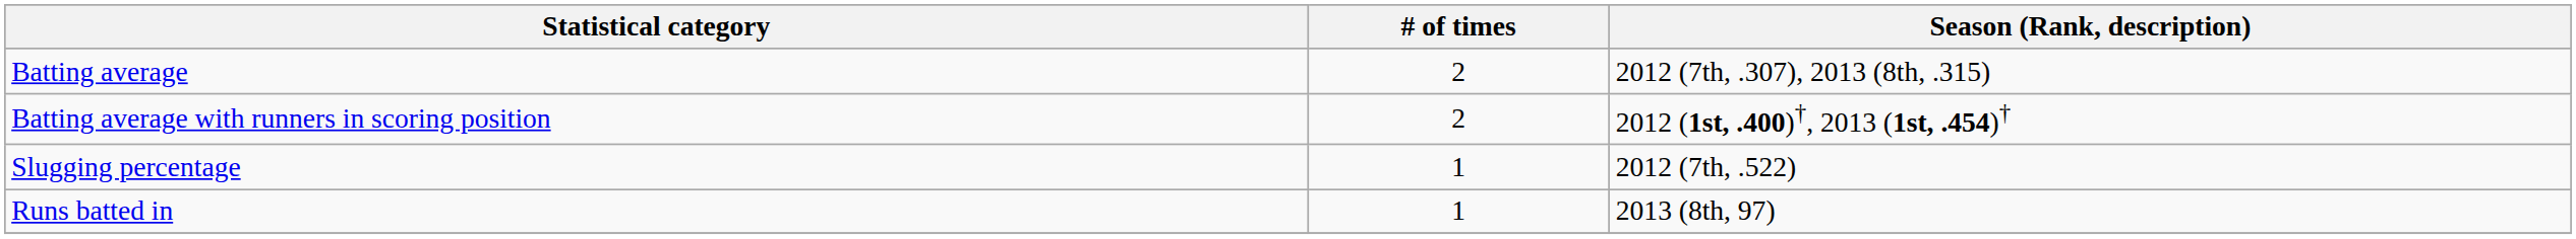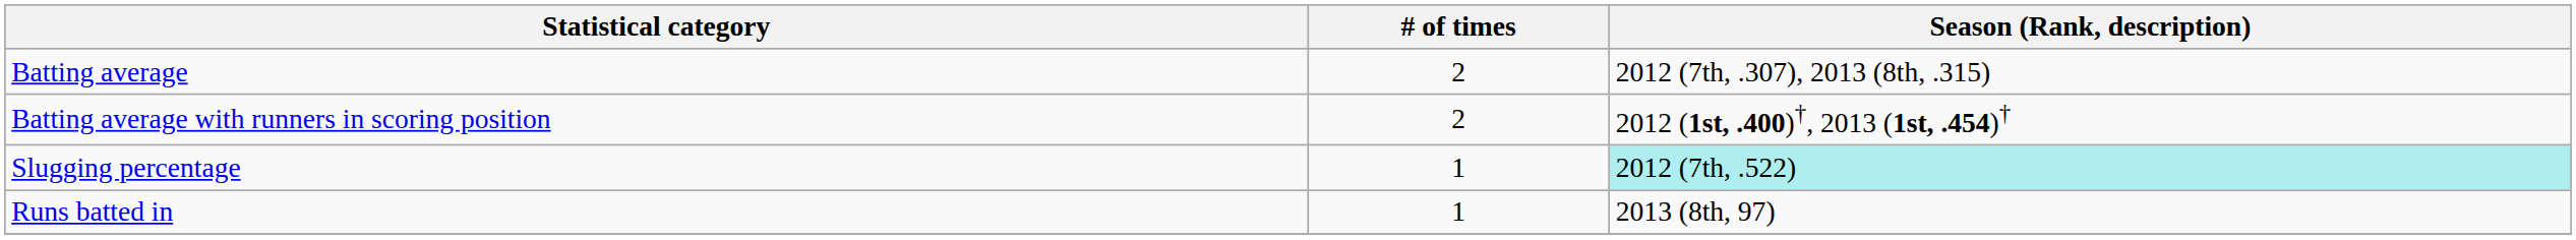 <table class="wikitable" margin: 5px; style="width:74%;" text-align: center>
 <tr>
 <th>Statistical category</th>
 <th># of times</th>
 <th>Season (Rank, description)</th>
 </tr>
 <tr>
 <td><a href='#'>Batting average</a></td>
 <td align="center">2</td>
 <td>2012 (7th, .307), 2013 (8th, .315)</td>
 </tr>
 <tr>
 <td><a href='#'>Batting average with runners in scoring position</a></td>
 <td align="center">2</td>
 <td>2012 (<strong>1st, .400</strong>)<sup>†</sup>, 2013 (<strong>1st, .454</strong>)<sup>†</sup></td>
 </tr>
 <tr>
 <td><a href='#'>Slugging percentage</a></td>
 <td align="center">1</td>
-<td>2012 (7th, .522)</td>
+<td style="background: paleturquoise;">2012 (7th, .522)</td>
 </tr>
 <tr>
 <td><a href='#'>Runs batted in</a></td>
 <td align="center">1</td>
 <td>2013 (8th, 97)</td>
 </tr>
 <tr>
 </tr>
 </table>
